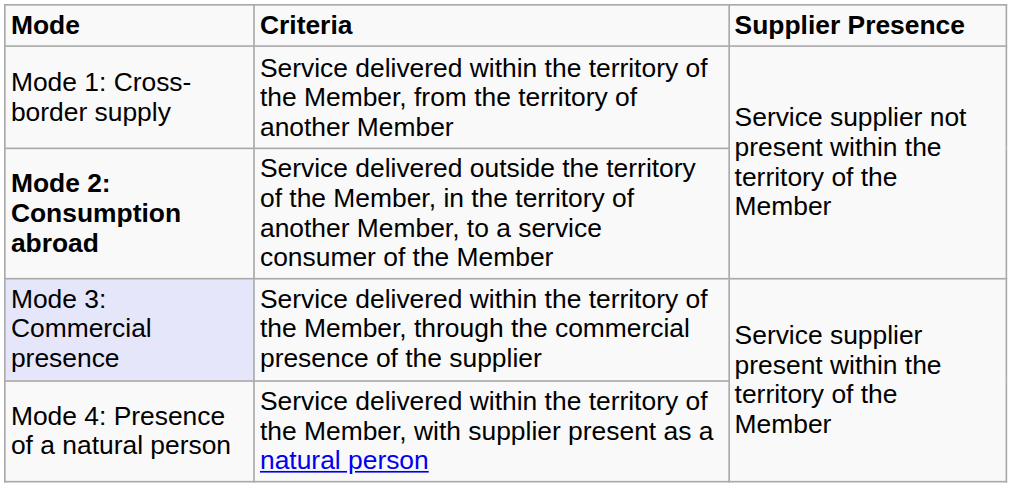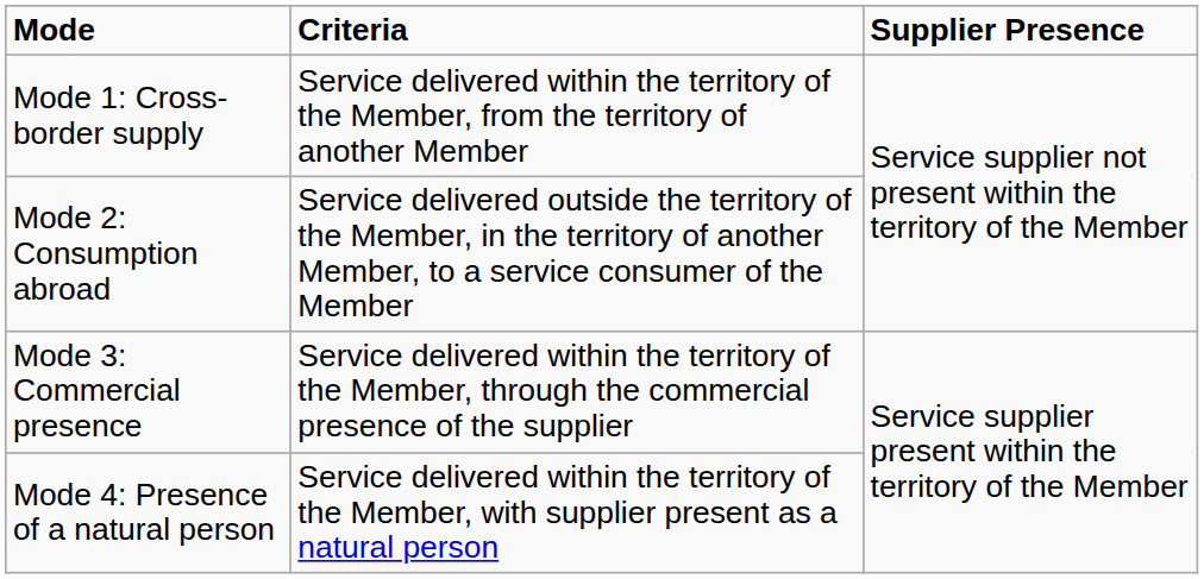 <table class="wikitable">
 <tr>
 <td><strong>Mode</strong></td>
 <td><strong>Criteria</strong></td>
 <td><strong>Supplier Presence</strong></td>
 </tr>
 <tr>
 <td>Mode 1: Cross-border supply</td>
 <td>Service delivered within the territory of the Member, from the territory of another Member</td>
 <td rowspan="2">Service supplier not present within the territory of the Member</td>
 </tr>
 <tr>
-<td><strong>Mode 2: Consumption abroad</strong></td>
+<td>Mode 2: Consumption abroad</td>
 <td>Service delivered outside the territory of the Member, in the territory of another Member, to a service consumer of the Member</td>
 </tr>
 <tr>
-<td style="background: lavender;">Mode 3: Commercial presence</td>
+<td>Mode 3: Commercial presence</td>
 <td>Service delivered within the territory of the Member, through the commercial presence of the supplier</td>
 <td rowspan="2">Service supplier present within the territory of the Member</td>
 </tr>
 <tr>
 <td>Mode 4: Presence of a natural person</td>
 <td>Service delivered within the territory of the Member, with supplier present as a <a href='#'>natural person</a></td>
 </tr>
 </table>
